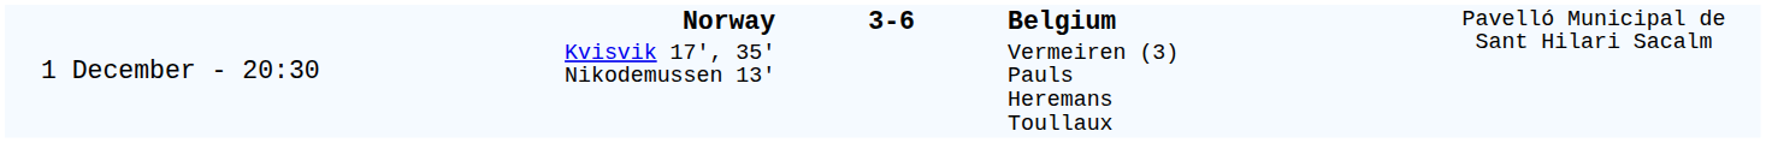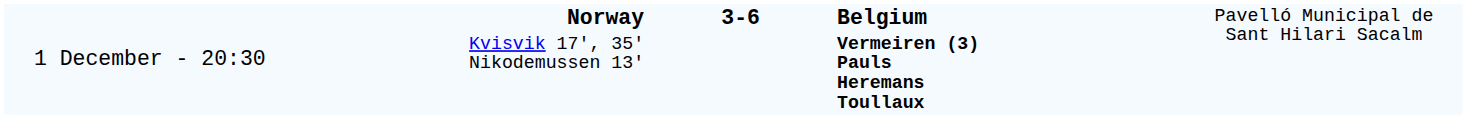 <table style="width: 100%; background:#F5FAFF;" cellspacing="0">
 <tr>
 <td align=center rowspan=3 width=20%>1 December - 20:30</td>
 </tr>
 <tr>
 <td width=24% align=right><strong>Norway</strong> </td>
 <td align=center width=13%><strong>3-6</strong></td>
 <td width=24%> <strong>Belgium</strong></td>
 <td style=font-size:85% rowspan=3 valign=top align=center>Pavelló Municipal de <br>Sant Hilari Sacalm</td>
 </tr>
 <tr style=font-size:85%>
 <td align=right valign=top><a href='#'>Kvisvik</a> 17', 35'<br>Nikodemussen 13'</td>
 <td></td>
-<td valign=top>Vermeiren (3)<br>Pauls<br>Heremans<br>Toullaux</td>
+<td valign=top><strong>Vermeiren (3)<br>Pauls<br>Heremans<br>Toullaux</strong></td>
 </tr>
 </table>
